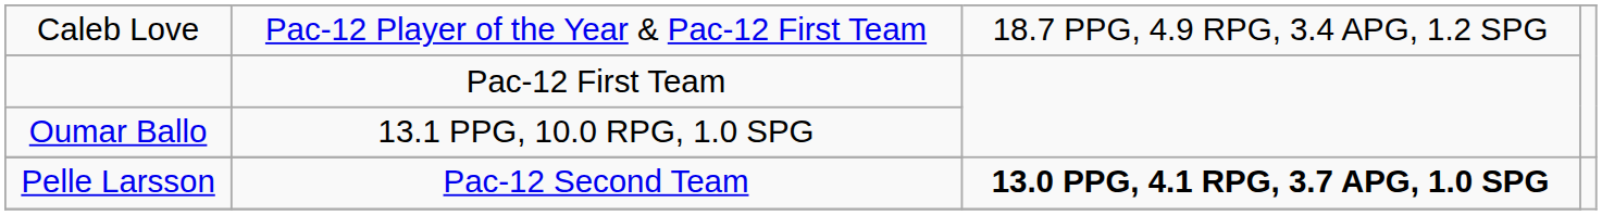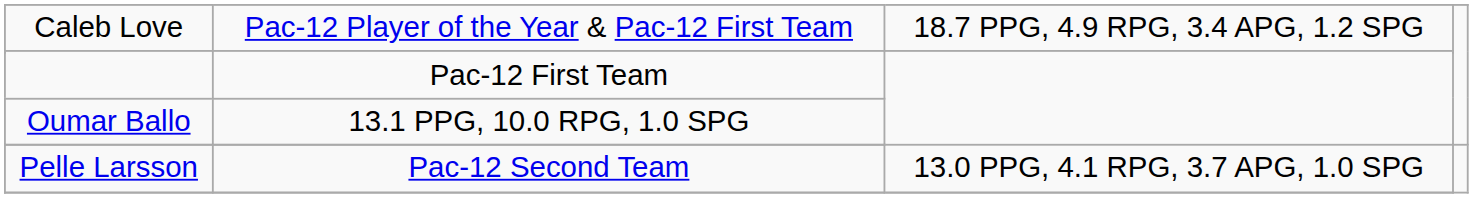 <table class="wikitable" style="width: 90%;text-align: center;">
 <tr align="center">
 <td rowspan="2">Caleb Love</td>
 <td><a href='#'>Pac-12 Player of the Year</a> & <a href='#'>Pac-12 First Team</a></td>
 <td rowspan="2">18.7 PPG, 4.9 RPG, 3.4 APG, 1.2 SPG</td>
 <td rowspan="4"></td>
 </tr>
 <tr align="center">
 <td rowspan="2">Pac-12 First Team</td>
 </tr>
 <tr>
 </tr>
 <tr align="center">
 <td><a href='#'>Oumar Ballo</a></td>
 <td>13.1 PPG, 10.0 RPG, 1.0 SPG</td>
 </tr>
 <tr>
 </tr>
 <tr align="center">
 <td><a href='#'>Pelle Larsson</a></td>
 <td><a href='#'>Pac-12 Second Team</a></td>
-<td><strong>13.0 PPG, 4.1 RPG, 3.7 APG, 1.0 SPG</strong></td>
+<td>13.0 PPG, 4.1 RPG, 3.7 APG, 1.0 SPG</td>
 </tr>
 <tr>
 </tr>
 </table>
